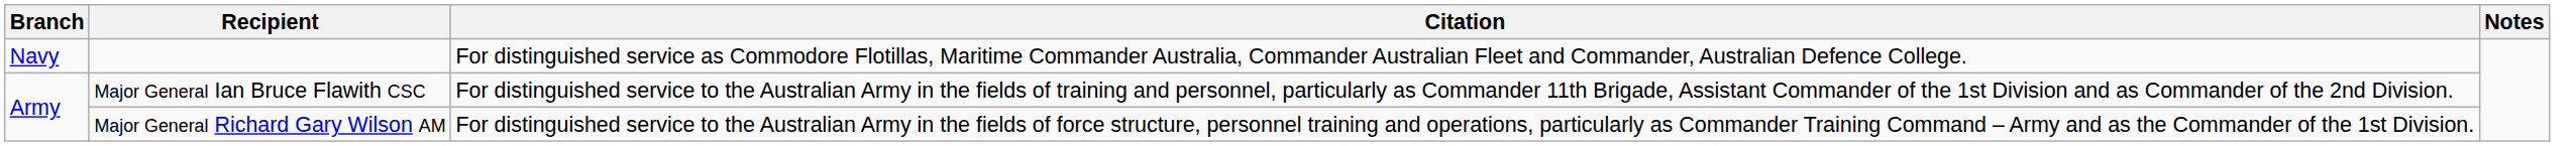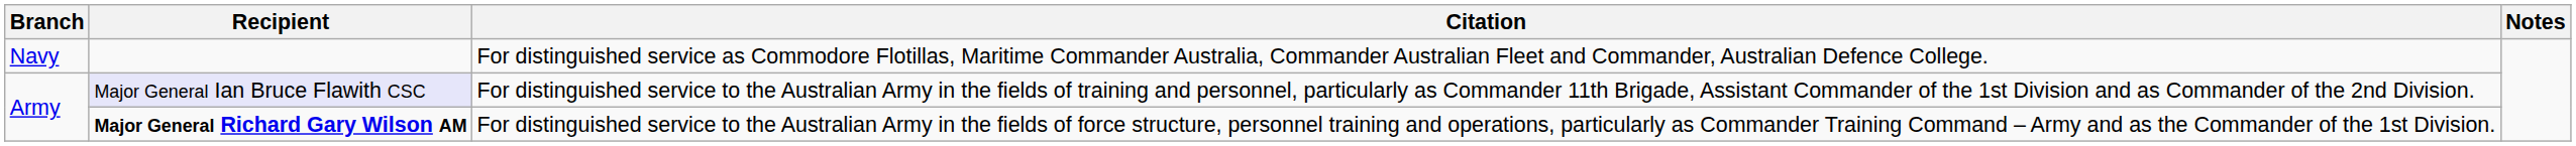 <table class="wikitable" style="font-size:95%;">
 <tr>
 <th>Branch</th>
 <th>Recipient</th>
 <th>Citation</th>
 <th>Notes</th>
 </tr>
 <tr>
 <td><a href='#'>Navy</a></td>
 <td></td>
 <td>For distinguished service as Commodore Flotillas, Maritime Commander Australia, Commander Australian Fleet and Commander, Australian Defence College.</td>
 <td rowspan="3"></td>
 </tr>
 <tr>
 <td rowspan="2"><a href='#'>Army</a></td>
-<td><small>Major General</small> Ian Bruce Flawith <small>CSC</small></td>
+<td style="background: lavender;"><small>Major General</small> Ian Bruce Flawith <small>CSC</small></td>
 <td>For distinguished service to the Australian Army in the fields of training and personnel, particularly as Commander 11th Brigade, Assistant Commander of the 1st Division and as Commander of the 2nd Division.</td>
 </tr>
 <tr>
-<td><small>Major General</small> <a href='#'>Richard Gary Wilson</a> <small>AM</small></td>
+<td><strong><small>Major General</small> <a href='#'>Richard Gary Wilson</a> <small>AM</small></strong></td>
 <td>For distinguished service to the Australian Army in the fields of force structure, personnel training and operations, particularly as Commander Training Command – Army and as the Commander of the 1st Division.</td>
 </tr>
 </table>
